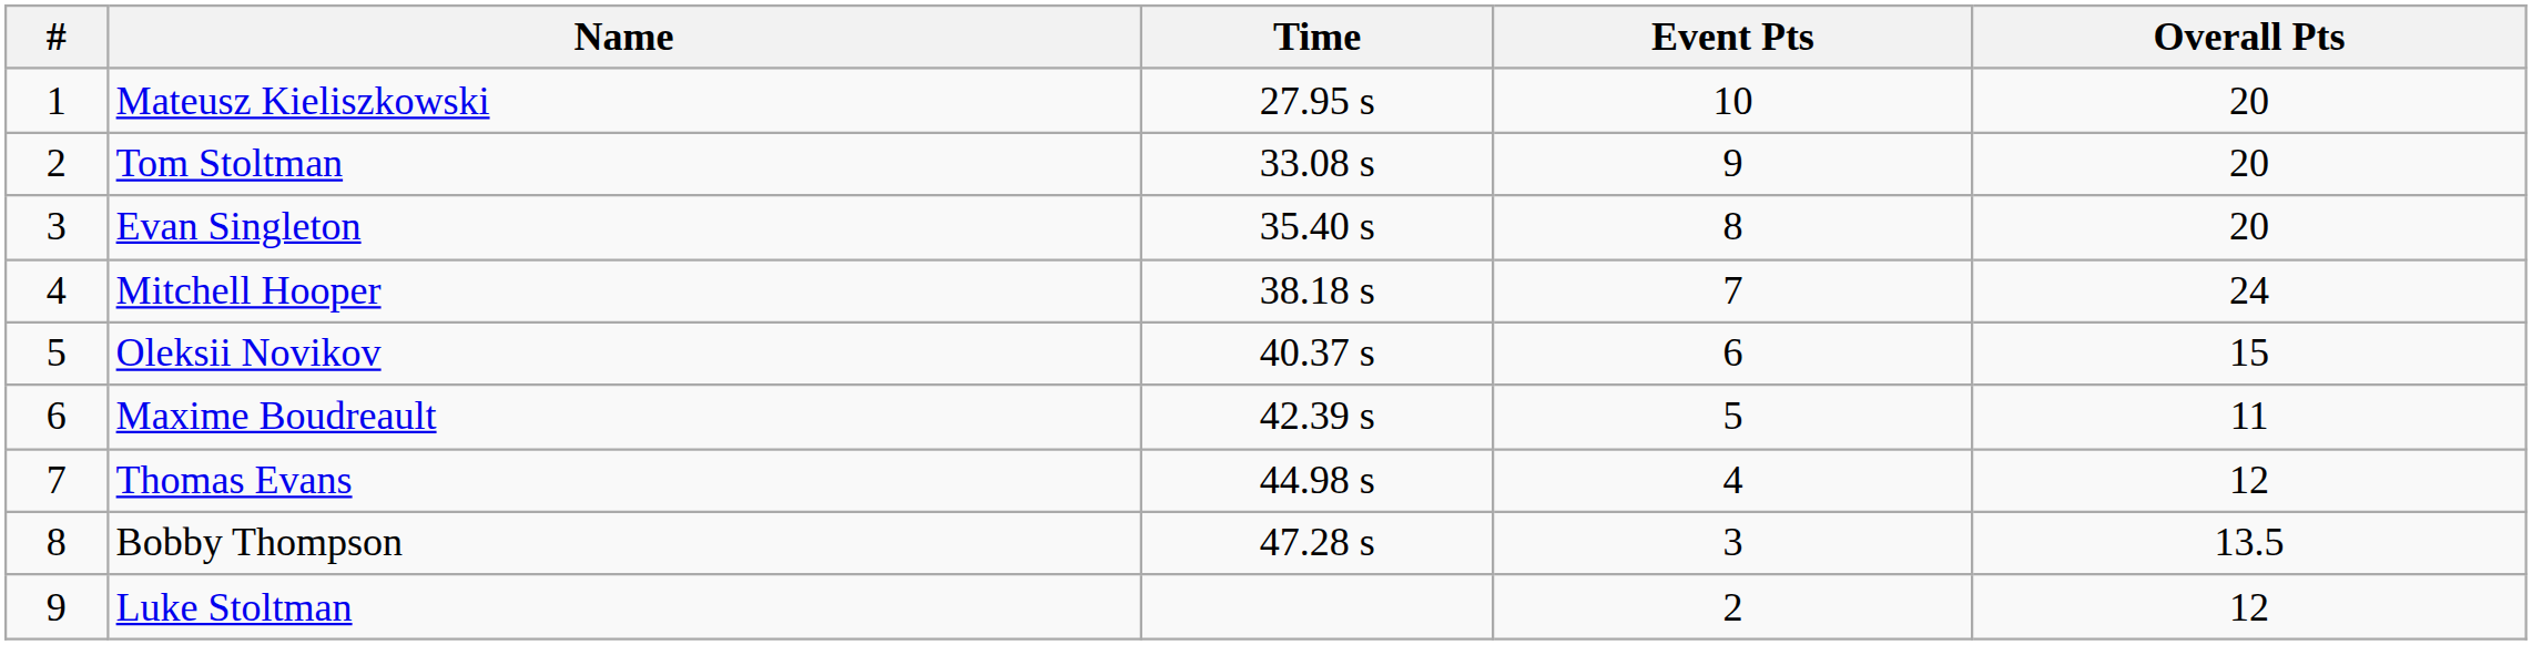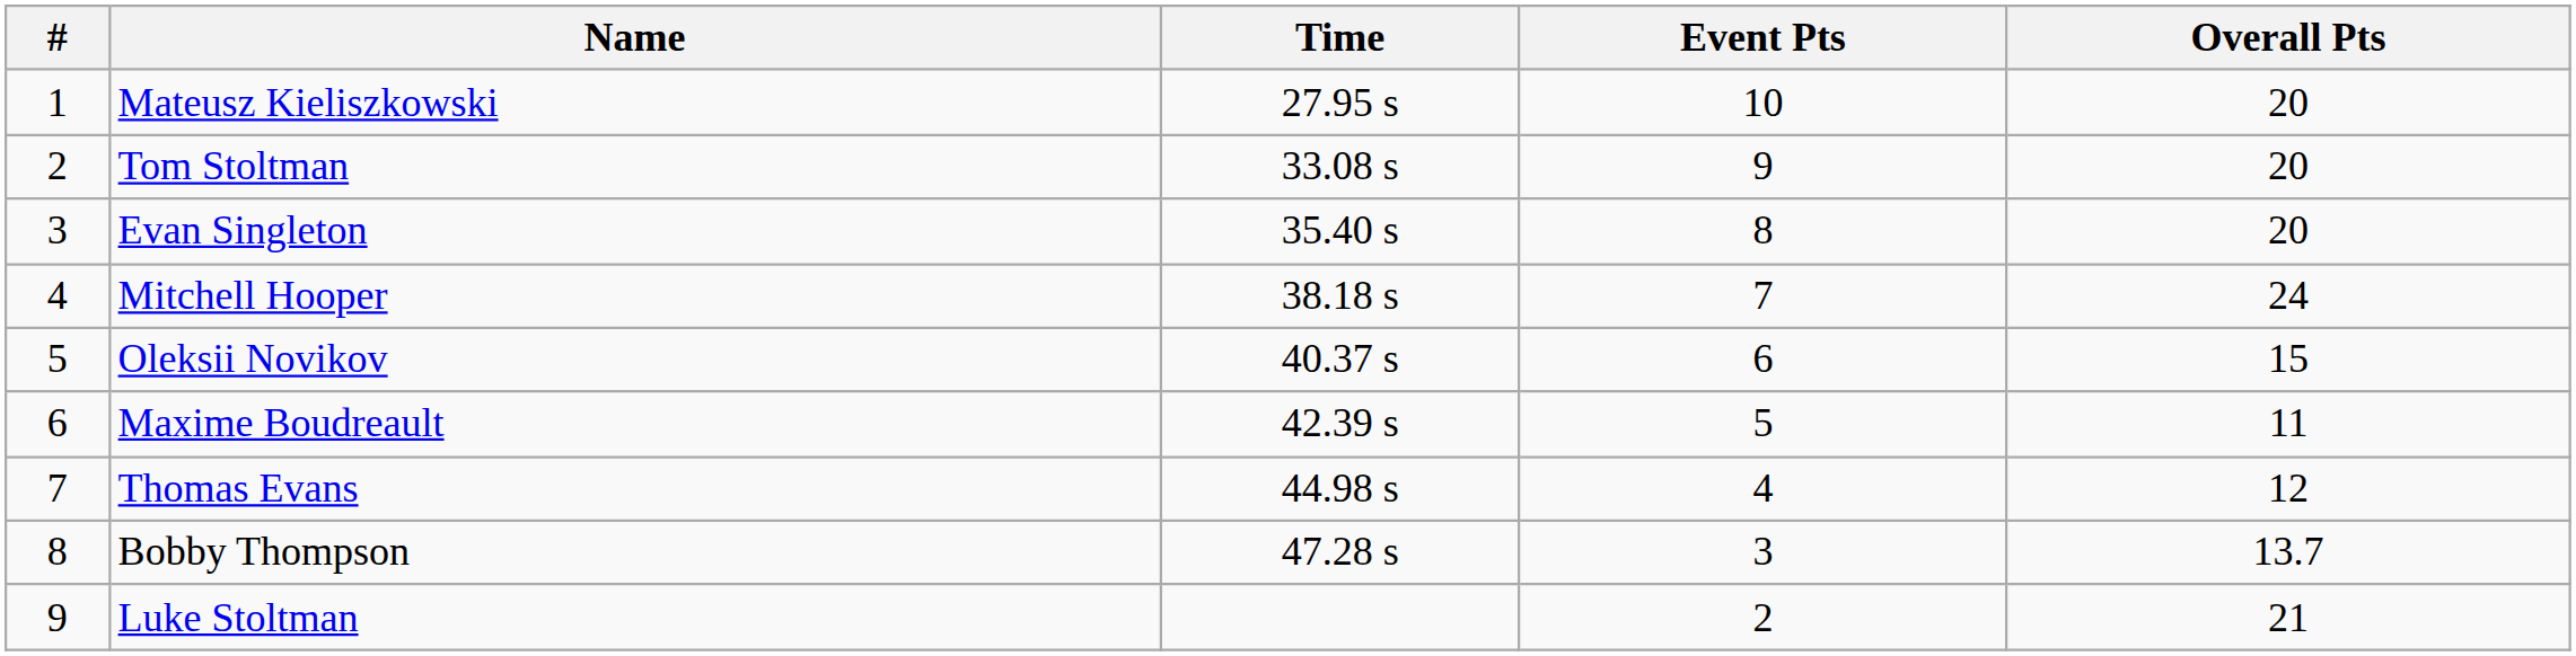 <table class="wikitable sortable" style="display: inline-table;width: 80%; text-align:center">
 <tr>
 <th>#</th>
 <th>Name</th>
 <th>Time</th>
 <th>Event Pts</th>
 <th>Overall Pts</th>
 </tr>
 <tr>
 <td>1</td>
 <td align="left"> <a href='#'>Mateusz Kieliszkowski</a></td>
 <td>27.95 s</td>
 <td>10</td>
 <td>20</td>
 </tr>
 <tr>
 <td>2</td>
 <td align="left"> <a href='#'>Tom Stoltman</a></td>
 <td>33.08 s</td>
 <td>9</td>
 <td>20</td>
 </tr>
 <tr>
 <td>3</td>
 <td align="left"> <a href='#'>Evan Singleton</a></td>
 <td>35.40 s</td>
 <td>8</td>
 <td>20</td>
 </tr>
 <tr>
 <td>4</td>
 <td align="left"> <a href='#'>Mitchell Hooper</a></td>
 <td>38.18 s</td>
 <td>7</td>
 <td>24</td>
 </tr>
 <tr>
 <td>5</td>
 <td align="left"> <a href='#'>Oleksii Novikov</a></td>
 <td>40.37 s</td>
 <td>6</td>
 <td>15</td>
 </tr>
 <tr>
 <td>6</td>
 <td align="left"> <a href='#'>Maxime Boudreault</a></td>
 <td>42.39 s</td>
 <td>5</td>
 <td>11</td>
 </tr>
 <tr>
 <td>7</td>
 <td align="left"> <a href='#'>Thomas Evans</a></td>
 <td>44.98 s</td>
 <td>4</td>
 <td>12</td>
 </tr>
 <tr>
 <td>8</td>
 <td align="left"> Bobby Thompson</td>
 <td>47.28 s</td>
 <td>3</td>
-<td>13.5</td>
+<td>13.7</td>
 </tr>
 <tr>
 <td>9</td>
 <td align="left"> <a href='#'>Luke Stoltman</a></td>
 <td></td>
 <td>2</td>
-<td>12</td>
+<td>21</td>
 </tr>
 </table>
